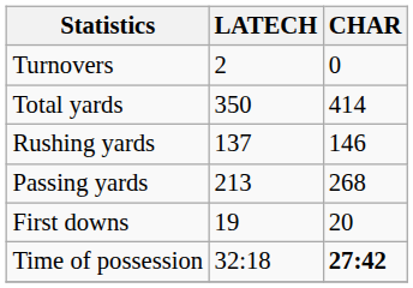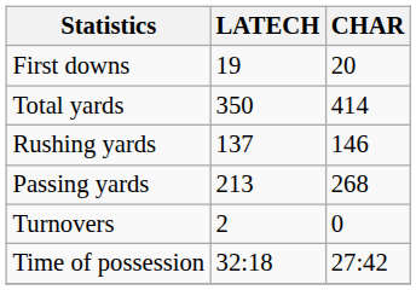 <table class="wikitable" style="float: right;">
 <tr>
 <th>Statistics</th>
 <th>LATECH</th>
 <th>CHAR</th>
 </tr>
 <tr>
-<td>Turnovers</td>
-<td>2</td>
-<td>0</td>
+<td>First downs</td>
+<td>19</td>
+<td>20</td>
 </tr>
 <tr>
 <td>Total yards</td>
 <td>350</td>
 <td>414</td>
 </tr>
 <tr>
 <td>Rushing yards</td>
 <td>137</td>
 <td>146</td>
 </tr>
 <tr>
 <td>Passing yards</td>
 <td>213</td>
 <td>268</td>
 </tr>
 <tr>
-<td>First downs</td>
-<td>19</td>
-<td>20</td>
+<td>Turnovers</td>
+<td>2</td>
+<td>0</td>
 </tr>
 <tr>
 <td>Time of possession</td>
 <td>32:18</td>
-<td><strong>27:42</strong></td>
+<td>27:42</td>
 </tr>
 <tr>
 </tr>
 </table>
